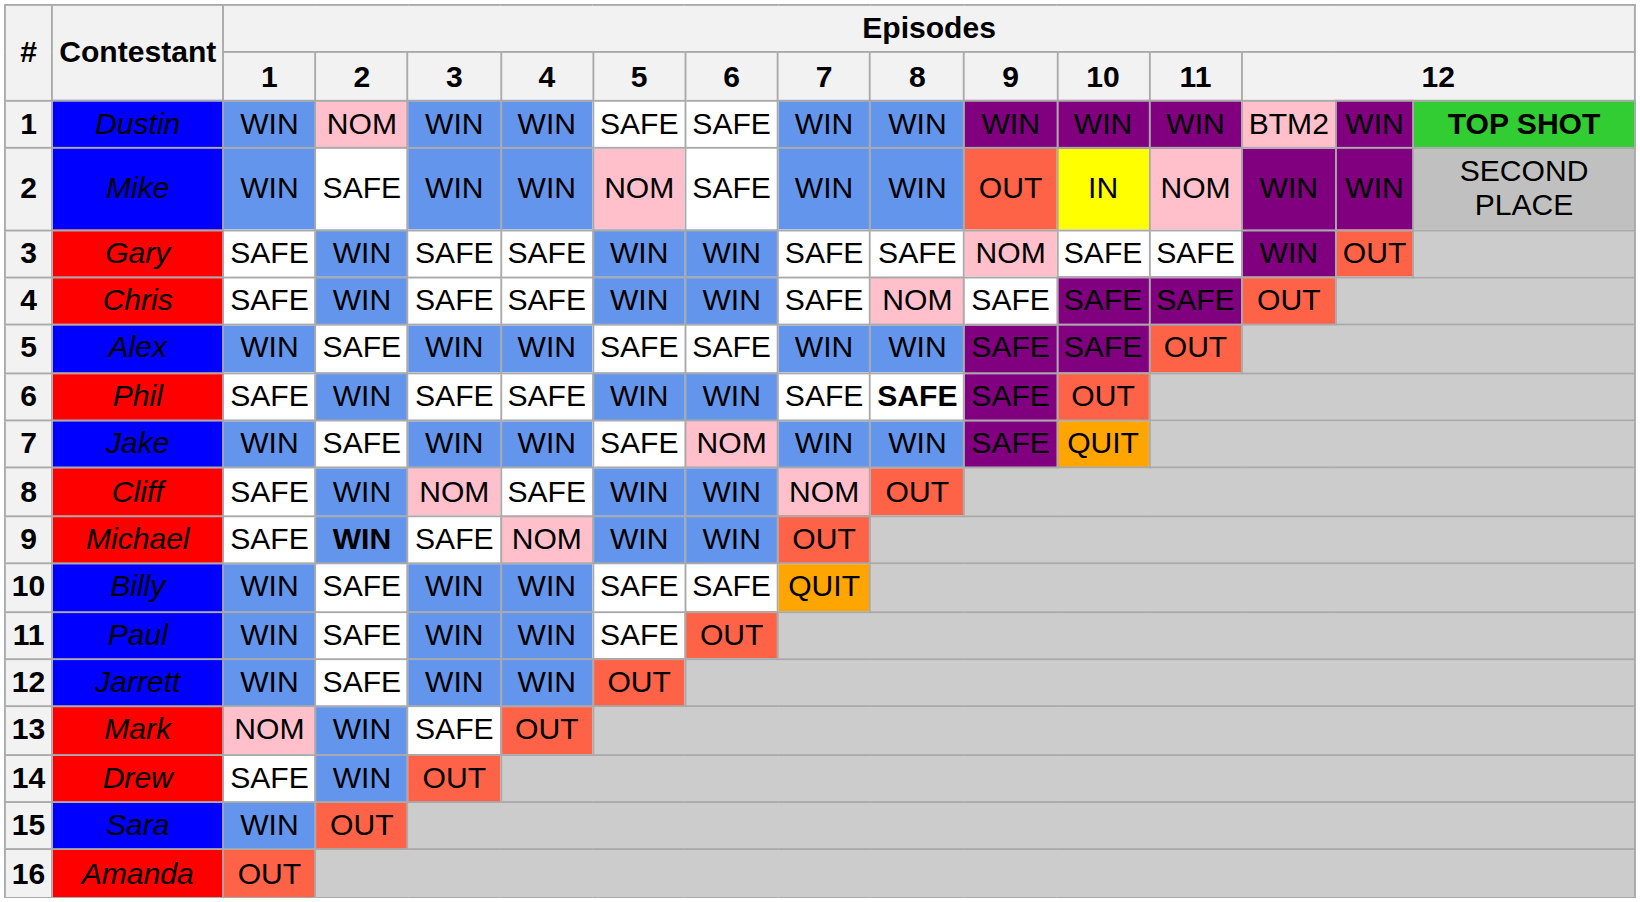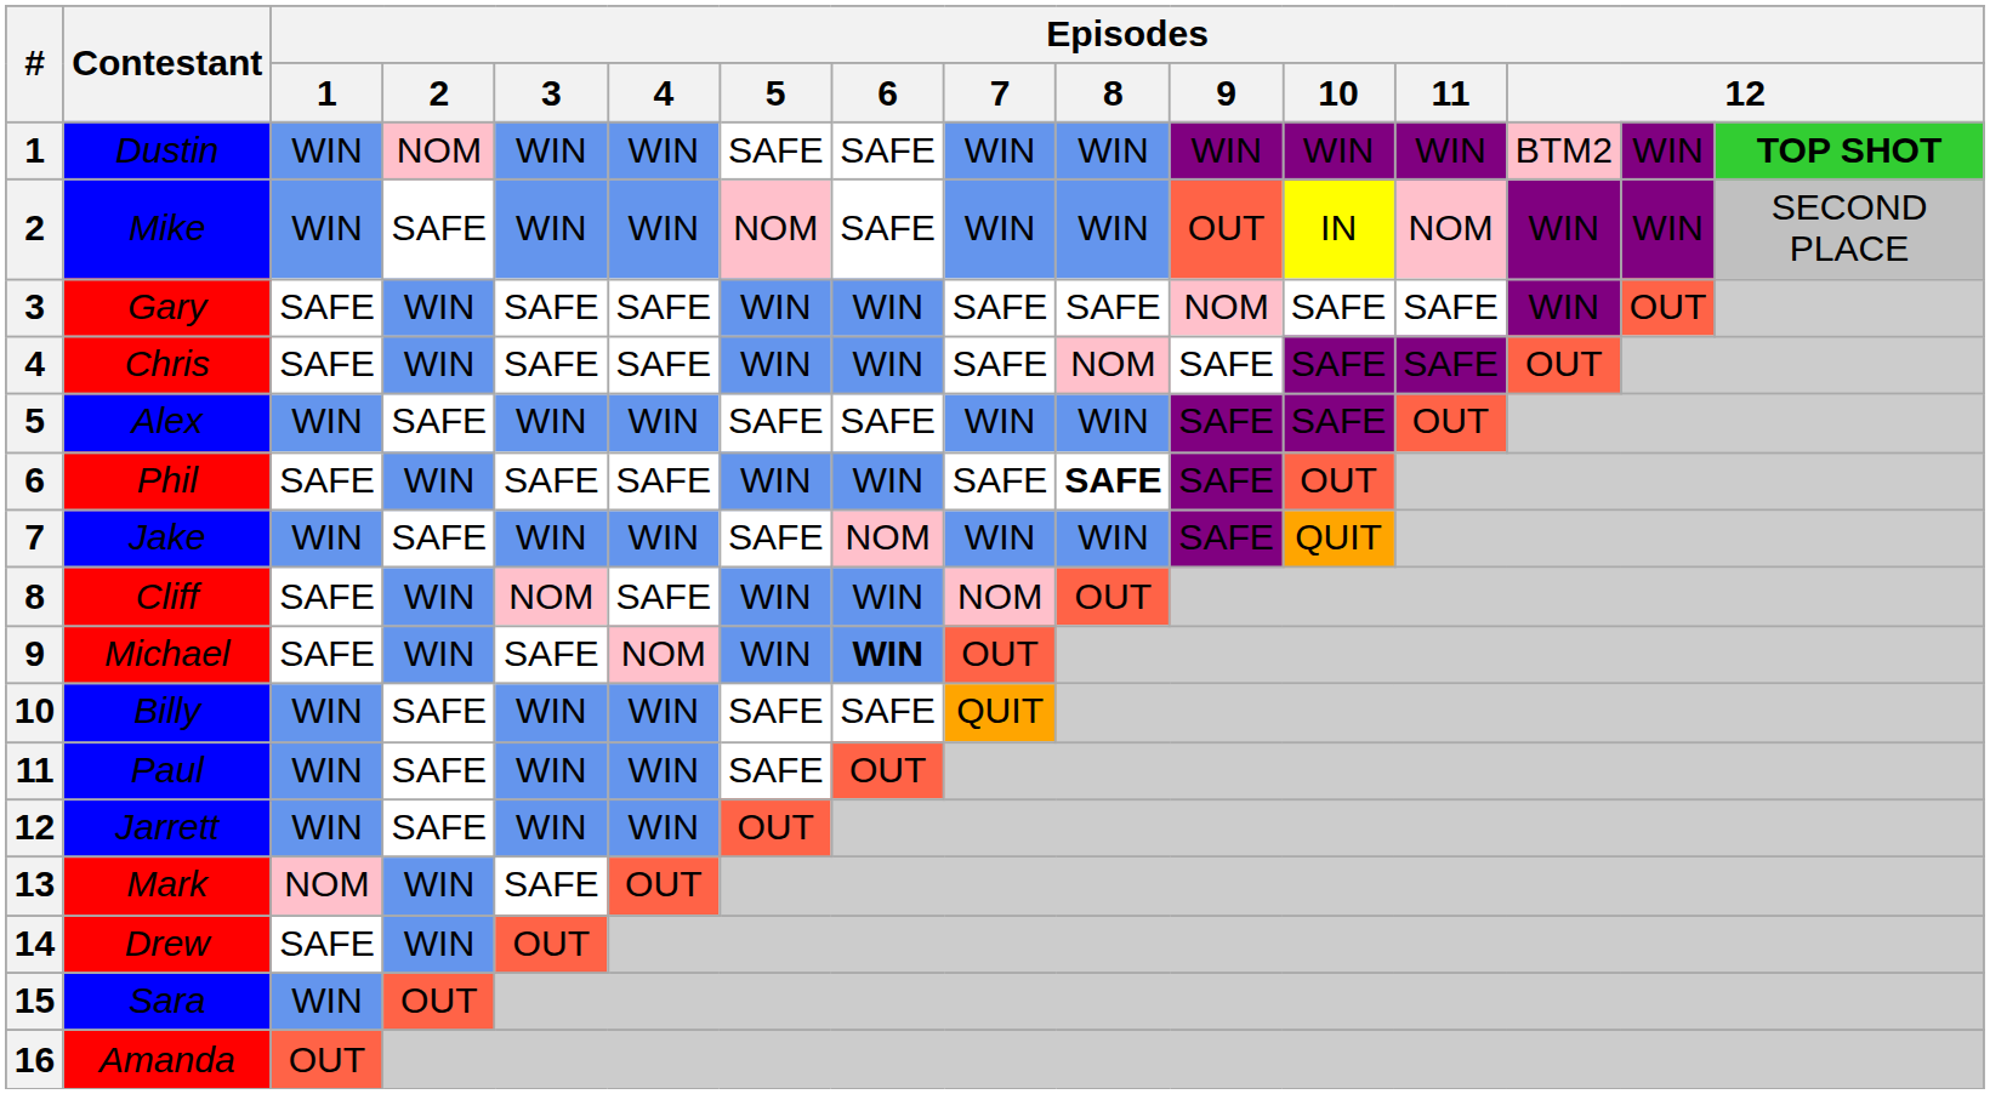 <table class="wikitable" style="text-align:center">
 <tr>
 <th rowspan=2>#</th>
 <th rowspan=2>Contestant</th>
 <th colspan="14">Episodes</th>
 </tr>
 <tr>
 <th>1</th>
 <th>2</th>
 <th>3</th>
 <th>4</th>
 <th>5</th>
 <th>6</th>
 <th>7</th>
 <th>8</th>
 <th>9</th>
 <th>10</th>
 <th>11</th>
 <th colspan=3>12</th>
 </tr>
 <tr>
 <th>1</th>
 <td style="background:blue;"><span><em>Dustin</em></span></td>
 <td style="background:cornflowerblue;">WIN</td>
 <td style="background:pink;">NOM</td>
 <td style="background:cornflowerblue;">WIN</td>
 <td style="background:cornflowerblue;">WIN</td>
 <td style="background:white;">SAFE</td>
 <td style="background:white;">SAFE</td>
 <td style="background:cornflowerblue;">WIN</td>
 <td style="background:cornflowerblue;">WIN</td>
 <td style="background:purple;"><span>WIN</span></td>
 <td style="background:purple;"><span>WIN</span></td>
 <td style="background:purple;"><span>WIN</span></td>
 <td style="background:pink;">BTM2</td>
 <td style="background:purple;"><span>WIN</span></td>
 <td style="background:limegreen;"><strong>TOP SHOT</strong></td>
 </tr>
 <tr>
 <th>2</th>
 <td style="background:blue;"><span><em>Mike</em></span></td>
 <td style="background:cornflowerblue;">WIN</td>
 <td style="background:white;">SAFE</td>
 <td style="background:cornflowerblue;">WIN</td>
 <td style="background:cornflowerblue;">WIN</td>
 <td style="background:pink;">NOM</td>
 <td style="background:white;">SAFE</td>
 <td style="background:cornflowerblue;">WIN</td>
 <td style="background:cornflowerblue;">WIN</td>
 <td style="background:tomato;">OUT</td>
 <td style="background:yellow;">IN</td>
 <td style="background:pink;">NOM</td>
 <td style="background:purple;"><span>WIN</span></td>
 <td style="background:purple;"><span>WIN</span></td>
 <td style="background:silver;">SECOND PLACE</td>
 </tr>
 <tr>
 <th>3</th>
 <td style="background:red;"><span><em>Gary</em></span></td>
 <td style="background:white;">SAFE</td>
 <td style="background:cornflowerblue;">WIN</td>
 <td style="background:white;">SAFE</td>
 <td style="background:white;">SAFE</td>
 <td style="background:cornflowerblue;">WIN</td>
 <td style="background:cornflowerblue;">WIN</td>
 <td style="background:white;">SAFE</td>
 <td style="background:white;">SAFE</td>
 <td style="background:pink;">NOM</td>
 <td style="background:white;">SAFE</td>
 <td style="background:white;">SAFE</td>
 <td style="background:purple;"><span>WIN</span></td>
 <td style="background:tomato;">OUT</td>
 <td style="background:#ccc;"></td>
 </tr>
 <tr>
 <th>4</th>
 <td style="background:red;"><span><em>Chris</em></span></td>
 <td style="background:white;">SAFE</td>
 <td style="background:cornflowerblue;">WIN</td>
 <td style="background:white;">SAFE</td>
 <td style="background:white;">SAFE</td>
 <td style="background:cornflowerblue;">WIN</td>
 <td style="background:cornflowerblue;">WIN</td>
 <td style="background:white;">SAFE</td>
 <td style="background:pink;">NOM</td>
 <td style="background:white;">SAFE</td>
 <td style="background:purple;"><span>SAFE</span></td>
 <td style="background:purple;"><span>SAFE</span></td>
 <td style="background:tomato;">OUT</td>
 <td colspan="2" style="background:#ccc;"></td>
 </tr>
 <tr>
 <th>5</th>
 <td style="background:blue;"><span><em>Alex</em></span></td>
 <td style="background:cornflowerblue;">WIN</td>
 <td style="background:white;">SAFE</td>
 <td style="background:cornflowerblue;">WIN</td>
 <td style="background:cornflowerblue;">WIN</td>
 <td style="background:white;">SAFE</td>
 <td style="background:white;">SAFE</td>
 <td style="background:cornflowerblue;">WIN</td>
 <td style="background:cornflowerblue;">WIN</td>
 <td style="background:purple;"><span>SAFE</span></td>
 <td style="background:purple;"><span>SAFE</span></td>
 <td style="background:tomato;">OUT</td>
 <td colspan="3" style="background:#ccc;"></td>
 </tr>
 <tr>
 <th>6</th>
 <td style="background:red;"><span><em>Phil</em></span></td>
 <td style="background:white;">SAFE</td>
 <td style="background:cornflowerblue;">WIN</td>
 <td style="background:white;">SAFE</td>
 <td style="background:white;">SAFE</td>
 <td style="background:cornflowerblue;">WIN</td>
 <td style="background:cornflowerblue;">WIN</td>
 <td style="background:white;">SAFE</td>
 <td style="background:white;"><strong>SAFE</strong></td>
 <td style="background:purple;"><span>SAFE</span></td>
 <td style="background:tomato;">OUT</td>
 <td colspan="4" style="background:#ccc;"></td>
 </tr>
 <tr>
 <th>7</th>
 <td style="background:blue;"><span><em>Jake</em></span></td>
 <td style="background:cornflowerblue;">WIN</td>
 <td style="background:white;">SAFE</td>
 <td style="background:cornflowerblue;">WIN</td>
 <td style="background:cornflowerblue;">WIN</td>
 <td style="background:white;">SAFE</td>
 <td style="background:pink;">NOM</td>
 <td style="background:cornflowerblue;">WIN</td>
 <td style="background:cornflowerblue;">WIN</td>
 <td style="background:purple;"><span>SAFE</span></td>
 <td style="background:orange;">QUIT</td>
 <td colspan="4" style="background:#ccc;"></td>
 </tr>
 <tr>
 <th>8</th>
 <td style="background:red;"><span><em>Cliff</em></span></td>
 <td style="background:white;">SAFE</td>
 <td style="background:cornflowerblue;">WIN</td>
 <td style="background:pink;">NOM</td>
 <td style="background:white;">SAFE</td>
 <td style="background:cornflowerblue;">WIN</td>
 <td style="background:cornflowerblue;">WIN</td>
 <td style="background:pink;">NOM</td>
 <td style="background:tomato;">OUT</td>
 <td colspan="6" style="background:#ccc;"></td>
 </tr>
 <tr>
 <th>9</th>
 <td style="background:red;"><span><em>Michael</em></span></td>
 <td style="background:white;">SAFE</td>
-<td style="background:cornflowerblue;"><strong>WIN</strong></td>
+<td style="background:cornflowerblue;">WIN</td>
 <td style="background:white;">SAFE</td>
 <td style="background:pink;">NOM</td>
 <td style="background:cornflowerblue;">WIN</td>
-<td style="background:cornflowerblue;">WIN</td>
+<td style="background:cornflowerblue;"><strong>WIN</strong></td>
 <td style="background:tomato;">OUT</td>
 <td colspan="7" style="background:#ccc;"></td>
 </tr>
 <tr>
 <th>10</th>
 <td style="background:blue;"><span><em>Billy</em></span></td>
 <td style="background:cornflowerblue;">WIN</td>
 <td style="background:white;">SAFE</td>
 <td style="background:cornflowerblue;">WIN</td>
 <td style="background:cornflowerblue;">WIN</td>
 <td style="background:white;">SAFE</td>
 <td style="background:white;">SAFE</td>
 <td style="background:orange;">QUIT</td>
 <td colspan="7" style="background:#ccc;"></td>
 </tr>
 <tr>
 <th>11</th>
 <td style="background:blue;"><span><em>Paul</em></span></td>
 <td style="background:cornflowerblue;">WIN</td>
 <td style="background:white;">SAFE</td>
 <td style="background:cornflowerblue;">WIN</td>
 <td style="background:cornflowerblue;">WIN</td>
 <td style="background:white;">SAFE</td>
 <td style="background:tomato;">OUT</td>
 <td colspan="8" style="background:#ccc;"></td>
 </tr>
 <tr>
 <th>12</th>
 <td style="background:blue;"><span><em>Jarrett</em></span></td>
 <td style="background:cornflowerblue;">WIN</td>
 <td style="background:white;">SAFE</td>
 <td style="background:cornflowerblue;">WIN</td>
 <td style="background:cornflowerblue;">WIN</td>
 <td style="background:tomato;">OUT</td>
 <td colspan="9" style="background:#ccc;"></td>
 </tr>
 <tr>
 <th>13</th>
 <td style="background:red;"><span><em>Mark</em></span></td>
 <td style="background:pink;">NOM</td>
 <td style="background:cornflowerblue;">WIN</td>
 <td style="background:white;">SAFE</td>
 <td style="background:tomato;">OUT</td>
 <td colspan="10" style="background:#ccc;"></td>
 </tr>
 <tr>
 <th>14</th>
 <td style="background:red;"><span><em>Drew</em></span></td>
 <td style="background:white;">SAFE</td>
 <td style="background:cornflowerblue;">WIN</td>
 <td style="background:tomato;">OUT</td>
 <td colspan="11" style="background:#ccc;"></td>
 </tr>
 <tr>
 <th>15</th>
 <td style="background:blue;"><span><em>Sara</em></span></td>
 <td style="background:cornflowerblue;">WIN</td>
 <td style="background:tomato;">OUT</td>
 <td colspan="12" style="background:#ccc;"></td>
 </tr>
 <tr>
 <th>16</th>
 <td style="background:red;"><span><em>Amanda</em></span></td>
 <td style="background:tomato;">OUT</td>
 <td colspan="13" style="background:#ccc;"></td>
 </tr>
 </table>
